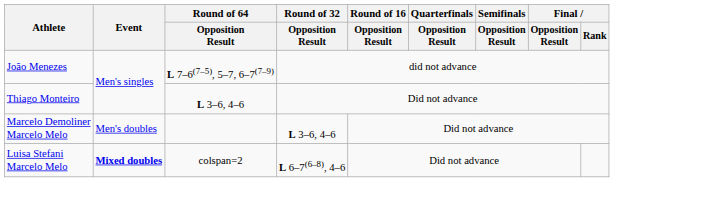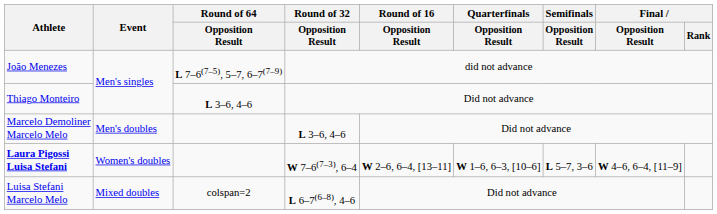 <table class="wikitable" style="font-size:90%;">
 <tr>
 <th rowspan=2>Athlete</th>
 <th rowspan=2>Event</th>
 <th>Round of 64</th>
 <th>Round of 32</th>
 <th>Round of 16</th>
 <th>Quarterfinals</th>
 <th>Semifinals</th>
 <th colspan=2>Final / </th>
 </tr>
 <tr style="font-size:95%">
 <th>Opposition<br>Result</th>
 <th>Opposition<br>Result</th>
 <th>Opposition<br>Result</th>
 <th>Opposition<br>Result</th>
 <th>Opposition<br>Result</th>
 <th>Opposition<br>Result</th>
 <th>Rank</th>
 </tr>
 <tr align=center>
 <td align=left><a href='#'>João Menezes</a></td>
 <td align=left rowspan=2><a href='#'>Men's singles</a></td>
 <td><br><strong>L</strong> 7–6<sup>(7–5)</sup>, 5–7, 6–7<sup>(7–9)</sup></td>
 <td colspan=6>did not advance</td>
 </tr>
 <tr align=center>
 <td align=left><a href='#'>Thiago Monteiro</a></td>
 <td><br><strong>L</strong> 3–6, 4–6</td>
 <td colspan=6>Did not advance</td>
 </tr>
 <tr align=center>
 <td align=left><a href='#'>Marcelo Demoliner</a><br><a href='#'>Marcelo Melo</a></td>
 <td align=left><a href='#'>Men's doubles</a></td>
 <td></td>
 <td><br><strong>L</strong> 3–6, 4–6</td>
 <td colspan=5>Did not advance</td>
 </tr>
 <tr align=center>
+<td align=left><strong><a href='#'>Laura Pigossi</a><br><a href='#'>Luisa Stefani</a></strong></td>
+<td align=left><a href='#'>Women's doubles</a></td>
+<td></td>
+<td><br><strong>W</strong> 7–6<sup>(7–3)</sup>, 6–4</td>
+<td><br><strong>W</strong> 2–6, 6–4, [13–11]</td>
+<td><br><strong>W</strong> 1–6, 6–3, [10–6]</td>
+<td><br><strong>L</strong> 5–7, 3–6</td>
+<td><br><strong>W</strong> 4–6, 6–4, [11–9]</td>
+<td></td>
+</tr>
+<tr align=center>
 <td align=left><a href='#'>Luisa Stefani</a><br><a href='#'>Marcelo Melo</a></td>
-<td align=left><strong><a href='#'>Mixed doubles</a></strong></td>
+<td align=left><a href='#'>Mixed doubles</a></td>
 <td>colspan=2 </td>
 <td><br><strong>L</strong> 6–7<sup>(6–8)</sup>, 4–6</td>
 <td colspan=4>Did not advance</td>
 </tr>
 </table>
